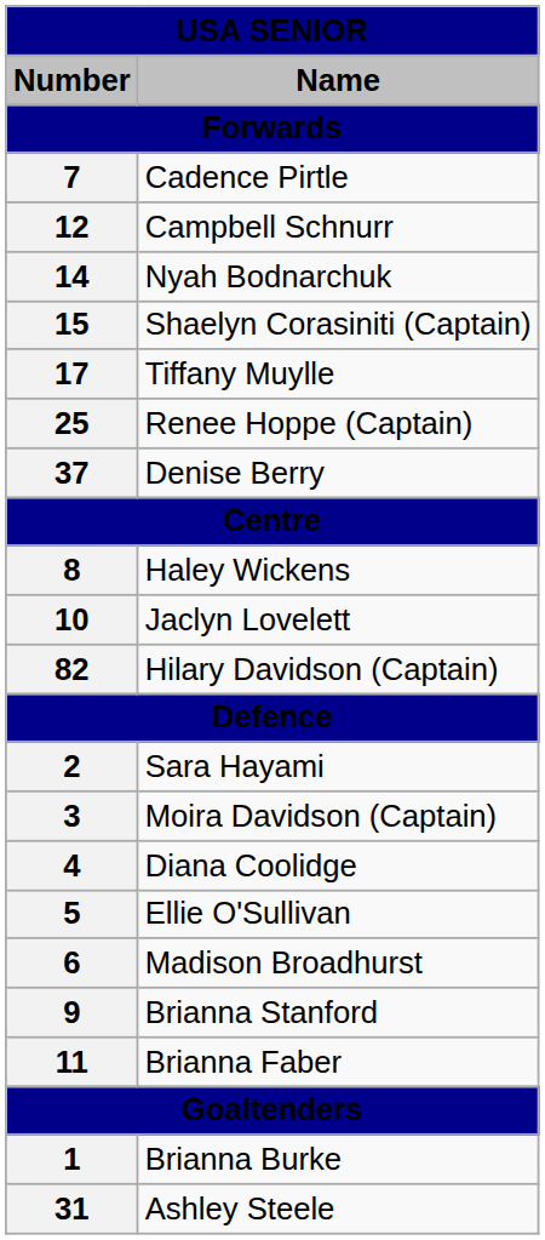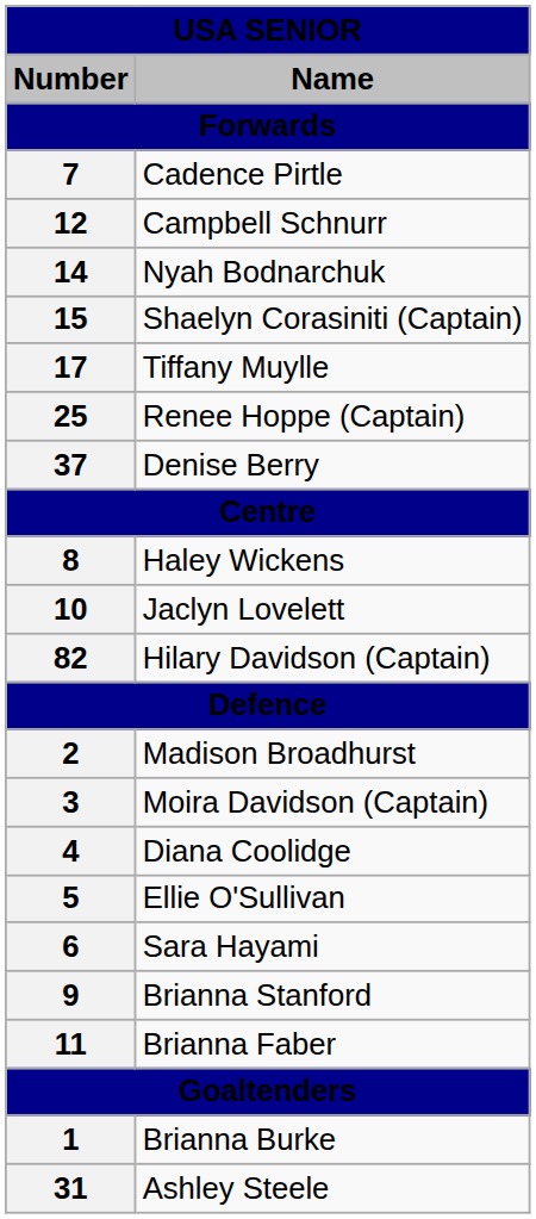 <table class="wikitable" style="text-align:left; font-size:90%;">
 <tr>
 <th style=background:DarkBlue colspan=2><span>USA SENIOR</span></th>
 </tr>
 <tr>
 <th width=10 style="background:silver;">Number</th>
 <th style="background:silver;">Name</th>
 </tr>
 <tr>
 <th style=background:DarkBlue colspan=2><span>Forwards</span></th>
 </tr>
 <tr>
 <th>7</th>
 <td>Cadence Pirtle </td>
 </tr>
 <tr>
 <th>12</th>
 <td>Campbell Schnurr</td>
 </tr>
 <tr>
 <th>14</th>
 <td>Nyah Bodnarchuk </td>
 </tr>
 <tr>
 <th>15</th>
 <td>Shaelyn Corasiniti (Captain) </td>
 </tr>
 <tr>
 <th>17</th>
 <td>Tiffany Muylle</td>
 </tr>
 <tr>
 <th>25</th>
 <td>Renee Hoppe (Captain)</td>
 </tr>
 <tr>
 <th>37</th>
 <td>Denise Berry</td>
 </tr>
 <tr>
 <th style=background:DarkBlue colspan=2><span>Centre</span></th>
 </tr>
 <tr>
 <th>8</th>
 <td>Haley Wickens</td>
 </tr>
 <tr>
 <th>10</th>
 <td>Jaclyn Lovelett</td>
 </tr>
 <tr>
 <th>82</th>
 <td>Hilary Davidson (Captain)</td>
 </tr>
 <tr>
 <th style=background:DarkBlue colspan=2><span>Defence</span></th>
 </tr>
 <tr>
 <th>2</th>
-<td>Sara Hayami</td>
+<td>Madison Broadhurst</td>
 </tr>
 <tr>
 <th>3</th>
 <td>Moira Davidson (Captain)</td>
 </tr>
 <tr>
 <th>4</th>
 <td>Diana Coolidge </td>
 </tr>
 <tr>
 <th>5</th>
 <td>Ellie O'Sullivan</td>
 </tr>
 <tr>
 <th>6</th>
-<td>Madison Broadhurst</td>
+<td>Sara Hayami</td>
 </tr>
 <tr>
 <th>9</th>
 <td>Brianna Stanford</td>
 </tr>
 <tr>
 <th>11</th>
 <td>Brianna Faber</td>
 </tr>
 <tr>
 <th style=background:DarkBlue colspan=4><span>Goaltenders</span></th>
 </tr>
 <tr>
 <th>1</th>
 <td>Brianna Burke</td>
 </tr>
 <tr>
 <th>31</th>
 <td>Ashley Steele</td>
 </tr>
 </table>
